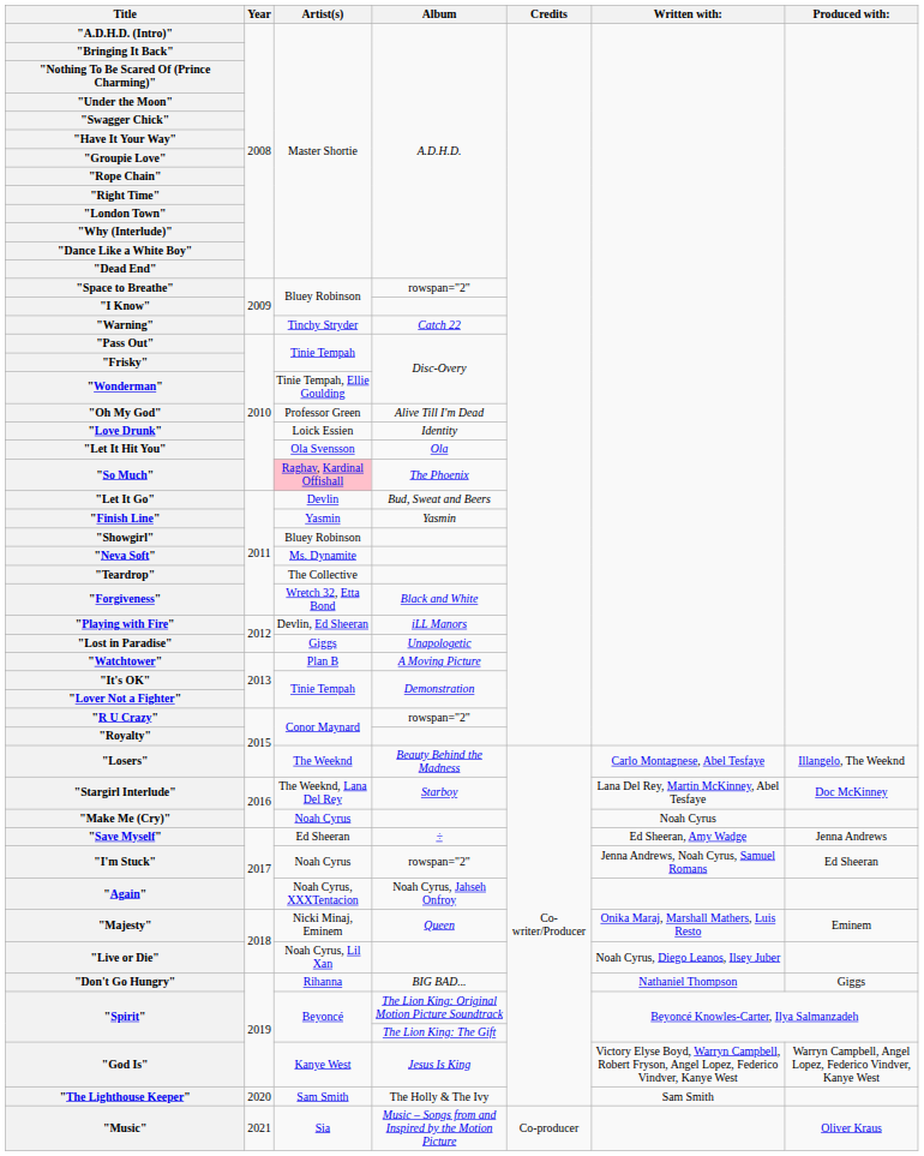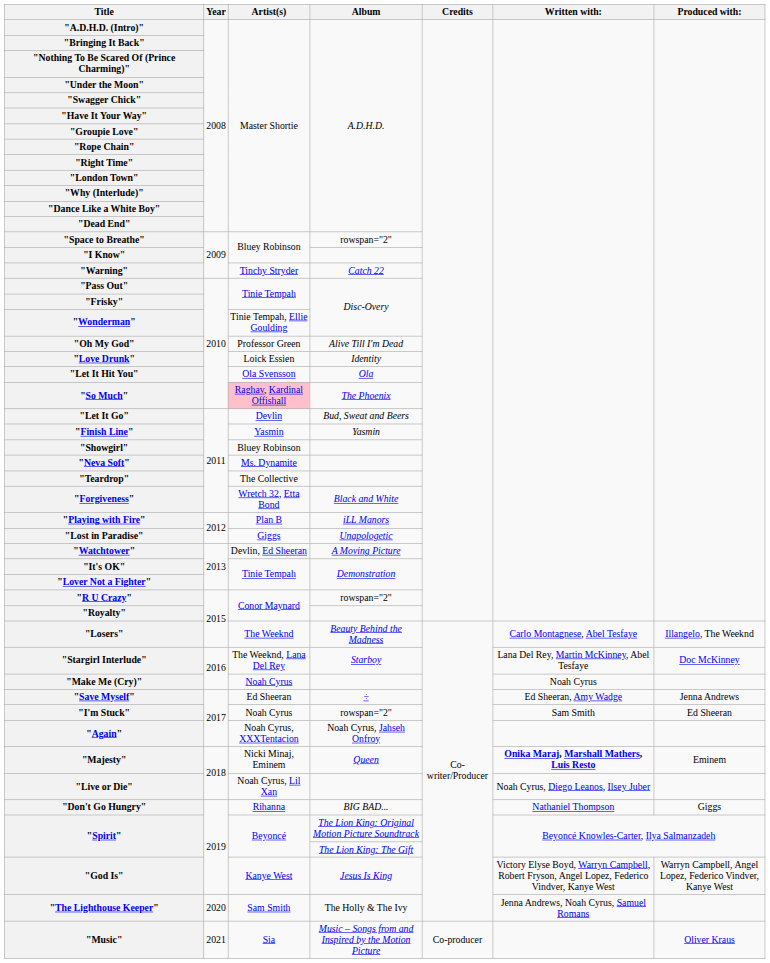 <table class="wikitable plainrowheaders" style="text-align:center;">
 <tr>
 <th scope="col" style="width:20em;">Title</th>
 <th scope="col" style="width:1em;">Year</th>
 <th scope="col">Artist(s)</th>
 <th scope="col">Album</th>
 <th scope="col">Credits</th>
 <th scope="col">Written with:</th>
 <th scope="col">Produced with:</th>
 </tr>
 <tr>
 <th scope="row">"A.D.H.D. (Intro)"</th>
 <td rowspan="13">2008</td>
 <td rowspan="13">Master Shortie</td>
 <td rowspan="13"><em>A.D.H.D.</em></td>
 <td rowspan="36"></td>
 <td rowspan="36"></td>
 <td rowspan="36"></td>
 </tr>
 <tr>
 <th scope="row">"Bringing It Back"</th>
 </tr>
 <tr>
 <th scope="row">"Nothing To Be Scared Of (Prince Charming)"</th>
 </tr>
 <tr>
 <th scope="row">"Under the Moon"</th>
 </tr>
 <tr>
 <th scope="row">"Swagger Chick"</th>
 </tr>
 <tr>
 <th scope="row">"Have It Your Way"</th>
 </tr>
 <tr>
 <th scope="row">"Groupie Love"</th>
 </tr>
 <tr>
 <th scope="row">"Rope Chain"</th>
 </tr>
 <tr>
 <th scope="row">"Right Time"</th>
 </tr>
 <tr>
 <th scope="row">"London Town"</th>
 </tr>
 <tr>
 <th scope="row">"Why (Interlude)"</th>
 </tr>
 <tr>
 <th scope="row">"Dance Like a White Boy"</th>
 </tr>
 <tr>
 <th scope="row">"Dead End"</th>
 </tr>
 <tr>
 <th scope="row">"Space to Breathe"</th>
 <td rowspan="3">2009</td>
 <td rowspan="2">Bluey Robinson</td>
 <td>rowspan="2" </td>
 </tr>
 <tr>
 <th scope="row">"I Know"</th>
 </tr>
 <tr>
 <th scope="row">"Warning"</th>
 <td><a href='#'>Tinchy Stryder</a></td>
 <td><em><a href='#'>Catch 22</a></em></td>
 </tr>
 <tr>
 <th scope="row">"Pass Out"</th>
 <td rowspan="7">2010</td>
 <td rowspan="2"><a href='#'>Tinie Tempah</a></td>
 <td rowspan="3"><em>Disc-Overy</em></td>
 </tr>
 <tr>
 <th scope="row">"Frisky"</th>
 </tr>
 <tr>
 <th scope="row">"<a href='#'>Wonderman</a>"</th>
 <td>Tinie Tempah, <a href='#'>Ellie Goulding</a></td>
 </tr>
 <tr>
 <th scope="row">"Oh My God"</th>
 <td>Professor Green</td>
 <td><em>Alive Till I'm Dead</em></td>
 </tr>
 <tr>
 <th scope="row">"<a href='#'>Love Drunk</a>"</th>
 <td>Loick Essien</td>
 <td><em>Identity</em></td>
 </tr>
 <tr>
 <th scope="row">"Let It Hit You"</th>
 <td><a href='#'>Ola Svensson</a></td>
 <td><em><a href='#'>Ola</a></em></td>
 </tr>
 <tr>
 <th scope="row">"<a href='#'>So Much</a>"</th>
 <td style="background: pink;"><a href='#'>Raghav</a>, <a href='#'>Kardinal Offishall</a></td>
 <td><em><a href='#'>The Phoenix</a></em></td>
 </tr>
 <tr>
 <th scope="row">"Let It Go"</th>
 <td rowspan="6">2011</td>
 <td><a href='#'>Devlin</a></td>
 <td><em>Bud, Sweat and Beers</em></td>
 </tr>
 <tr>
 <th scope="row">"<a href='#'>Finish Line</a>"</th>
 <td><a href='#'>Yasmin</a></td>
 <td><em>Yasmin</em></td>
 </tr>
 <tr>
 <th scope="row">"Showgirl"</th>
 <td>Bluey Robinson</td>
 <td></td>
 </tr>
 <tr>
 <th scope="row">"<a href='#'>Neva Soft</a>"</th>
 <td><a href='#'>Ms. Dynamite</a></td>
 <td></td>
 </tr>
 <tr>
 <th scope="row">"Teardrop"</th>
 <td>The Collective</td>
 <td></td>
 </tr>
 <tr>
 <th scope="row">"<a href='#'>Forgiveness</a>"</th>
 <td><a href='#'>Wretch 32</a>, <a href='#'>Etta Bond</a></td>
 <td><em><a href='#'>Black and White</a></em></td>
 </tr>
 <tr>
 <th scope="row">"<a href='#'>Playing with Fire</a>"</th>
 <td rowspan="2">2012</td>
-<td>Devlin, <a href='#'>Ed Sheeran</a></td>
+<td><a href='#'>Plan B</a></td>
 <td><em><a href='#'>iLL Manors</a></em></td>
 </tr>
 <tr>
 <th scope="row">"Lost in Paradise"</th>
 <td><a href='#'>Giggs</a></td>
 <td><em><a href='#'>Unapologetic</a></em></td>
 </tr>
 <tr>
 <th scope="row">"<a href='#'>Watchtower</a>"</th>
 <td rowspan="3">2013</td>
-<td><a href='#'>Plan B</a></td>
+<td>Devlin, <a href='#'>Ed Sheeran</a></td>
 <td><em><a href='#'>A Moving Picture</a></em></td>
 </tr>
 <tr>
 <th scope="row">"It's OK"</th>
 <td rowspan="2"><a href='#'>Tinie Tempah</a></td>
 <td rowspan="2"><em><a href='#'>Demonstration</a></em></td>
 </tr>
 <tr>
 <th scope="row">"<a href='#'>Lover Not a Fighter</a>"</th>
 </tr>
 <tr>
 <th scope="row">"<a href='#'>R U Crazy</a>"</th>
 <td rowspan="3">2015</td>
 <td rowspan="2"><a href='#'>Conor Maynard</a></td>
 <td>rowspan="2" </td>
 </tr>
 <tr>
 <th scope="row">"Royalty"</th>
 </tr>
 <tr>
 <th scope="row">"Losers"</th>
 <td><a href='#'>The Weeknd</a></td>
 <td><em><a href='#'>Beauty Behind the Madness</a></em></td>
 <td rowspan="13">Co-writer/Producer</td>
 <td><a href='#'>Carlo Montagnese</a>, <a href='#'>Abel Tesfaye</a></td>
 <td><a href='#'>Illangelo</a>, The Weeknd</td>
 </tr>
 <tr>
 <th scope="row">"Stargirl Interlude"</th>
 <td rowspan="2">2016</td>
 <td>The Weeknd, <a href='#'>Lana Del Rey</a></td>
 <td><em><a href='#'>Starboy</a></em></td>
 <td>Lana Del Rey, <a href='#'>Martin McKinney</a>, Abel Tesfaye</td>
 <td><a href='#'>Doc McKinney</a></td>
 </tr>
 <tr>
 <th scope="row">"Make Me (Cry)"</th>
 <td><a href='#'>Noah Cyrus</a></td>
 <td></td>
 <td>Noah Cyrus</td>
 <td></td>
 </tr>
 <tr>
 <th scope="row">"<a href='#'>Save Myself</a>"</th>
 <td rowspan="3">2017</td>
 <td>Ed Sheeran</td>
 <td><em><a href='#'>÷</a></em></td>
 <td>Ed Sheeran, <a href='#'>Amy Wadge</a></td>
 <td>Jenna Andrews</td>
 </tr>
 <tr>
 <th scope="row">"I'm Stuck"</th>
 <td>Noah Cyrus</td>
 <td>rowspan="2" </td>
-<td>Jenna Andrews, Noah Cyrus, <a href='#'>Samuel Romans</a></td>
+<td>Sam Smith</td>
 <td>Ed Sheeran</td>
 </tr>
 <tr>
 <th scope="row">"<a href='#'>Again</a>"</th>
 <td>Noah Cyrus, <a href='#'>XXXTentacion</a></td>
 <td>Noah Cyrus, <a href='#'>Jahseh Onfroy</a></td>
 <td></td>
 </tr>
 <tr>
 <th scope="row">"Majesty"</th>
 <td rowspan="2">2018</td>
 <td>Nicki Minaj, Eminem</td>
 <td><em><a href='#'>Queen</a></em></td>
-<td><a href='#'>Onika Maraj</a>, <a href='#'>Marshall Mathers</a>, <a href='#'>Luis Resto</a></td>
+<td><strong><a href='#'>Onika Maraj</a>, <a href='#'>Marshall Mathers</a>, <a href='#'>Luis Resto</a></strong></td>
 <td>Eminem</td>
 </tr>
 <tr>
 <th scope="row">"Live or Die"</th>
 <td>Noah Cyrus, <a href='#'>Lil Xan</a></td>
 <td></td>
 <td>Noah Cyrus, <a href='#'>Diego Leanos</a>, <a href='#'>Ilsey Juber</a></td>
 <td></td>
 </tr>
 <tr>
 <th scope="row">"Don't Go Hungry"</th>
 <td rowspan=4>2019</td>
 <td><a href='#'>Rihanna</a></td>
 <td><em>BIG BAD...</em></td>
 <td><a href='#'>Nathaniel Thompson</a></td>
 <td>Giggs</td>
 </tr>
 <tr>
 <th scope="row" rowspan=2>"<a href='#'>Spirit</a>"</th>
 <td rowspan=2><a href='#'>Beyoncé</a></td>
 <td><em><a href='#'>The Lion King: Original Motion Picture Soundtrack</a></em></td>
 <td colspan=2 rowspan=2><a href='#'>Beyoncé Knowles-Carter</a>, <a href='#'>Ilya Salmanzadeh</a></td>
 </tr>
 <tr>
 <td><em><a href='#'>The Lion King: The Gift</a></em></td>
 </tr>
 <tr>
 <th scope="row">"God Is"</th>
 <td><a href='#'>Kanye West</a></td>
 <td><em><a href='#'>Jesus Is King</a></em></td>
 <td>Victory Elyse Boyd, <a href='#'>Warryn Campbell</a>, Robert Fryson, Angel Lopez, Federico Vindver, Kanye West</td>
 <td>Warryn Campbell, Angel Lopez, Federico Vindver, Kanye West</td>
 </tr>
 <tr>
 <th scope="row">"<a href='#'>The Lighthouse Keeper</a>"</th>
 <td>2020</td>
 <td><a href='#'>Sam Smith</a></td>
 <td>The Holly & The Ivy</td>
-<td>Sam Smith</td>
+<td>Jenna Andrews, Noah Cyrus, <a href='#'>Samuel Romans</a></td>
 <td></td>
 </tr>
 <tr>
 <th scope="row">"Music"</th>
 <td>2021</td>
 <td><a href='#'>Sia</a></td>
 <td><em><a href='#'>Music – Songs from and Inspired by the Motion Picture</a></em></td>
 <td>Co-producer</td>
 <td></td>
 <td><a href='#'>Oliver Kraus</a></td>
 </tr>
 </table>
